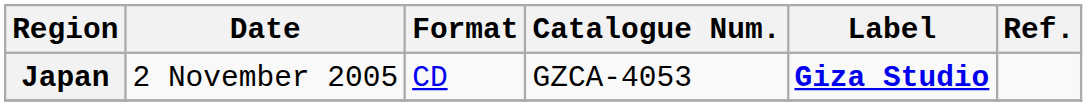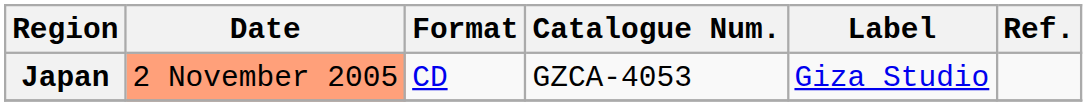 <table class="wikitable sortable plainrowheaders">
 <tr>
 <th scope="col">Region</th>
 <th scope="col">Date</th>
 <th scope="col">Format</th>
 <th scope="col">Catalogue Num.</th>
 <th scope="col">Label</th>
 <th scope="col">Ref.</th>
 </tr>
 <tr>
 <th scope="row">Japan</th>
-<td>2 November 2005</td>
+<td style="background: lightsalmon;">2 November 2005</td>
 <td><a href='#'>CD</a></td>
 <td>GZCA-4053</td>
-<td><strong><a href='#'>Giza Studio</a></strong></td>
+<td><a href='#'>Giza Studio</a></td>
 <td></td>
 </tr>
 <tr>
 </tr>
 </table>
